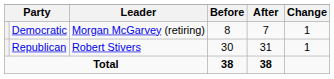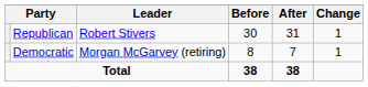 <table class="wikitable" style="text-align:center;">
 <tr>
 </tr>
 <tr>
 <th colspan=2>Party</th>
 <th>Leader</th>
 <th style="width:3em">Before</th>
 <th style="width:3em">After</th>
 <th style="width:3em">Change</th>
 </tr>
 <tr>
 <th style="background-color:"></th>
+<td style="text-align:left;"><a href='#'>Republican</a></td>
+<td style="text-align:left;"><a href='#'>Robert Stivers</a></td>
+<td>30</td>
+<td>31</td>
+<td> 1</td>
+</tr>
+<tr>
+<th style="background-color:"></th>
 <td style="text-align:left;"><a href='#'>Democratic</a></td>
 <td style="text-align:left;"><a href='#'>Morgan McGarvey</a> (retiring)</td>
 <td>8</td>
 <td>7</td>
-<td> 1</td>
-</tr>
-<tr>
-<th style="background-color:"></th>
-<td style="text-align:left;"><a href='#'>Republican</a></td>
-<td style="text-align:left;"><a href='#'>Robert Stivers</a></td>
-<td>30</td>
-<td>31</td>
 <td> 1</td>
 </tr>
 <tr>
 <td colspan=3><strong>Total</strong></td>
 <td><strong>38</strong></td>
 <td><strong>38</strong></td>
 <td></td>
 </tr>
 </table>
